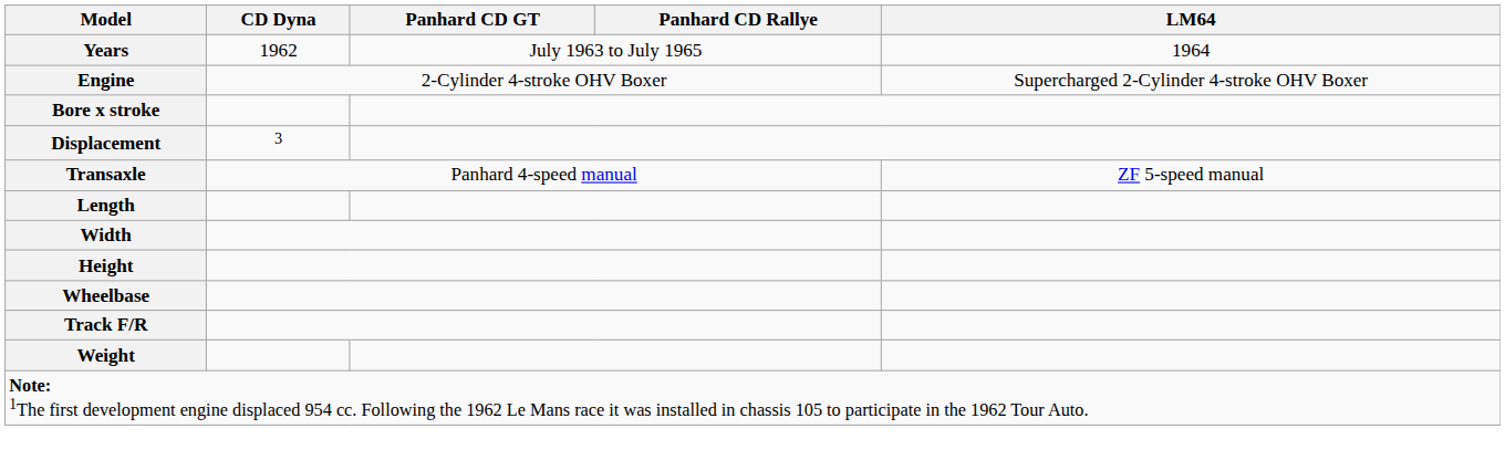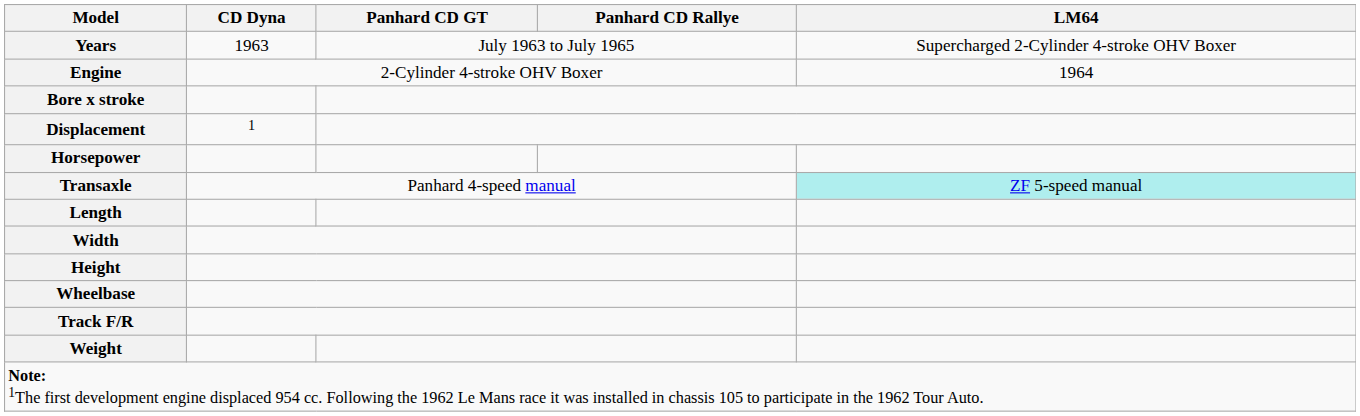 <table class="wikitable" style="width:100%; align:center; text-align:center">
 <tr>
 <th><strong>Model</strong></th>
 <th><strong>CD Dyna</strong></th>
 <th><strong>Panhard CD GT</strong></th>
 <th><strong>Panhard CD Rallye</strong></th>
 <th><strong>LM64</strong></th>
 </tr>
 <tr>
 <th><strong>Years</strong></th>
-<td>1962</td>
+<td>1963</td>
 <td colspan="2">July 1963 to July 1965</td>
-<td>1964</td>
+<td>Supercharged 2-Cylinder 4-stroke OHV Boxer</td>
 </tr>
 <tr>
 <th><strong>Engine</strong></th>
 <td colspan="3">2-Cylinder 4-stroke OHV Boxer</td>
-<td>Supercharged 2-Cylinder 4-stroke OHV Boxer</td>
+<td>1964</td>
 </tr>
 <tr>
 <th><strong>Bore x stroke</strong></th>
 <td></td>
 <td colspan="3"></td>
 </tr>
 <tr>
 <th><strong>Displacement</strong></th>
-<td><sup>3</sup></td>
+<td><sup>1</sup></td>
 <td colspan="3"></td>
+</tr>
+<tr>
+<th><strong>Horsepower</strong></th>
+<td></td>
+<td></td>
+<td></td>
+<td></td>
 </tr>
 <tr>
 <th><strong>Transaxle</strong></th>
 <td colspan="3">Panhard 4-speed <a href='#'>manual</a></td>
-<td><a href='#'>ZF</a> 5-speed manual</td>
+<td style="background: paleturquoise;"><a href='#'>ZF</a> 5-speed manual</td>
 </tr>
 <tr>
 <th><strong>Length</strong></th>
 <td></td>
 <td colspan="2"></td>
 <td></td>
 </tr>
 <tr>
 <th><strong>Width</strong></th>
 <td colspan="3"></td>
 <td></td>
 </tr>
 <tr>
 <th><strong>Height</strong></th>
 <td colspan="3"></td>
 <td></td>
 </tr>
 <tr>
 <th><strong>Wheelbase</strong></th>
 <td colspan="3"></td>
 <td></td>
 </tr>
 <tr>
 <th><strong>Track F/R</strong></th>
 <td colspan="3"></td>
 <td></td>
 </tr>
 <tr>
 <th><strong>Weight</strong></th>
 <td></td>
 <td colspan="2"></td>
 <td></td>
 </tr>
 <tr>
 <td style="text-align:left; font-size:95%;" colspan="5"><strong>Note:</strong><br><sup>1</sup>The first development engine displaced 954 cc. Following the 1962 Le Mans race it was installed in chassis 105 to participate in the 1962 Tour Auto.</td>
 </tr>
 </table>
